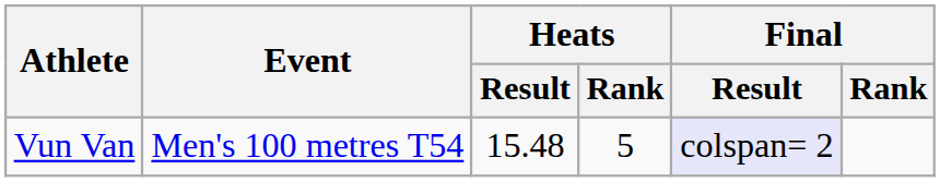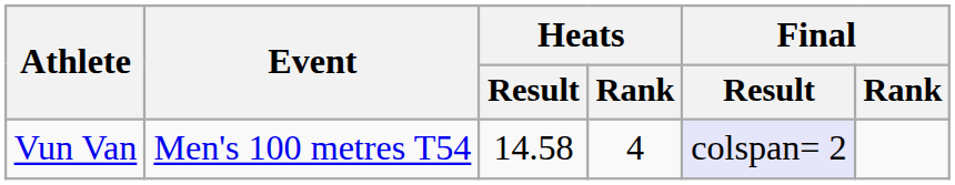 <table class="wikitable" style="text-align: center; font-size:90%">
 <tr>
 <th rowspan="2">Athlete</th>
 <th rowspan="2">Event</th>
 <th colspan="2">Heats</th>
 <th colspan="2">Final</th>
 </tr>
 <tr style="font-size:95%">
 <th>Result</th>
 <th>Rank</th>
 <th>Result</th>
 <th>Rank</th>
 </tr>
 <tr>
 <td align=left><a href='#'>Vun Van</a></td>
 <td align=left><a href='#'>Men's 100 metres T54</a></td>
-<td>15.48</td>
-<td>5</td>
+<td>14.58</td>
+<td>4</td>
 <td style="background: lavender;">colspan= 2 </td>
 </tr>
 </table>
